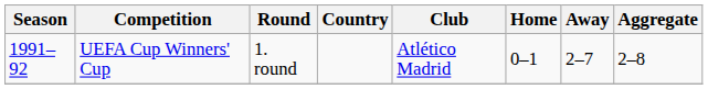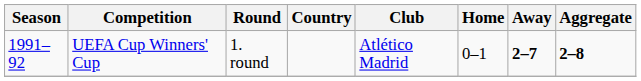 <table class="wikitable">
 <tr>
 <th>Season</th>
 <th>Competition</th>
 <th>Round</th>
 <th>Country</th>
 <th>Club</th>
 <th>Home</th>
 <th>Away</th>
 <th>Aggregate</th>
 </tr>
 <tr>
 <td><a href='#'>1991–92</a></td>
 <td><a href='#'>UEFA Cup Winners' Cup</a></td>
 <td>1. round</td>
 <td></td>
 <td><a href='#'>Atlético Madrid</a></td>
 <td>0–1</td>
-<td>2–7</td>
-<td>2–8</td>
+<td><strong>2–7</strong></td>
+<td><strong>2–8</strong></td>
 </tr>
 <tr>
 </tr>
 </table>
